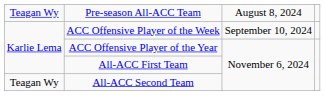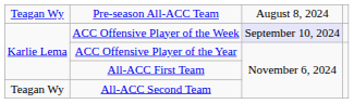 <table class="wikitable sortable" style="text-align: center">
 <tr>
 <td><a href='#'>Teagan Wy</a></td>
 <td><a href='#'>Pre-season All-ACC Team</a></td>
 <td>August 8, 2024</td>
 <td></td>
 </tr>
 <tr>
 <td rowspan=3><a href='#'>Karlie Lema</a></td>
 <td><a href='#'>ACC Offensive Player of the Week</a></td>
-<td>September 10, 2024</td>
+<td style="background: lavender;">September 10, 2024</td>
 <td></td>
 </tr>
 <tr>
 <td><a href='#'>ACC Offensive Player of the Year</a></td>
 <td rowspan=3>November 6, 2024</td>
 <td rowspan=3></td>
 </tr>
 <tr>
 <td><a href='#'>All-ACC First Team</a></td>
 </tr>
 <tr>
 <td>Teagan Wy</td>
 <td><a href='#'>All-ACC Second Team</a></td>
 </tr>
 </table>
